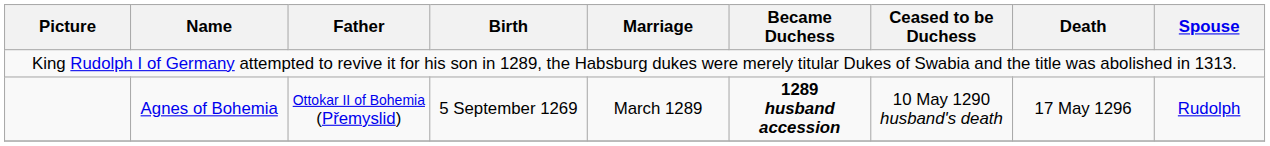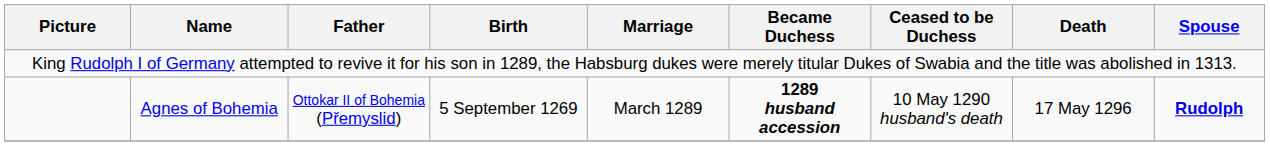 <table width=95% class="wikitable">
 <tr>
 <th width = "8%">Picture</th>
 <th width = "10%">Name</th>
 <th width = "9%">Father</th>
 <th width = "10%">Birth</th>
 <th width = "9%">Marriage</th>
 <th width = "9%">Became Duchess</th>
 <th width = "9%">Ceased to be Duchess</th>
 <th width = "9%">Death</th>
 <th width = "7%"><a href='#'>Spouse</a></th>
 </tr>
 <tr>
 <td align="center" colspan="9">King <a href='#'>Rudolph I of Germany</a> attempted to revive it for his son in 1289, the Habsburg dukes were merely titular Dukes of Swabia and the title was abolished in 1313.</td>
 </tr>
 <tr>
 <td align="center"></td>
 <td align="center"><a href='#'>Agnes of Bohemia</a></td>
 <td align="center"><small><a href='#'>Ottokar II of Bohemia</a></small><br>(<a href='#'>Přemyslid</a>)</td>
 <td align="center">5 September 1269</td>
 <td align="center">March 1289</td>
 <td align="center"><strong>1289<br><em>husband accession</em></strong></td>
 <td align="center">10 May 1290<br><em>husband's death</em></td>
 <td align="center">17 May 1296</td>
-<td align="center"><a href='#'>Rudolph</a></td>
+<td align="center"><strong><a href='#'>Rudolph</a></strong></td>
 </tr>
 <tr>
 </tr>
 </table>
